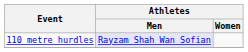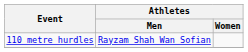 <table class=wikitable style="font-size:90%">
 <tr>
 <th rowspan=2>Event</th>
 <th colspan=2>Athletes</th>
 </tr>
 <tr>
 <th>Men</th>
 <th>Women</th>
 </tr>
 <tr>
 <td><a href='#'>110 metre hurdles</a></td>
-<td style="background: lavender;"><a href='#'>Rayzam Shah Wan Sofian</a></td>
+<td><a href='#'>Rayzam Shah Wan Sofian</a></td>
 <td></td>
 </tr>
 <tr>
 </tr>
 </table>
